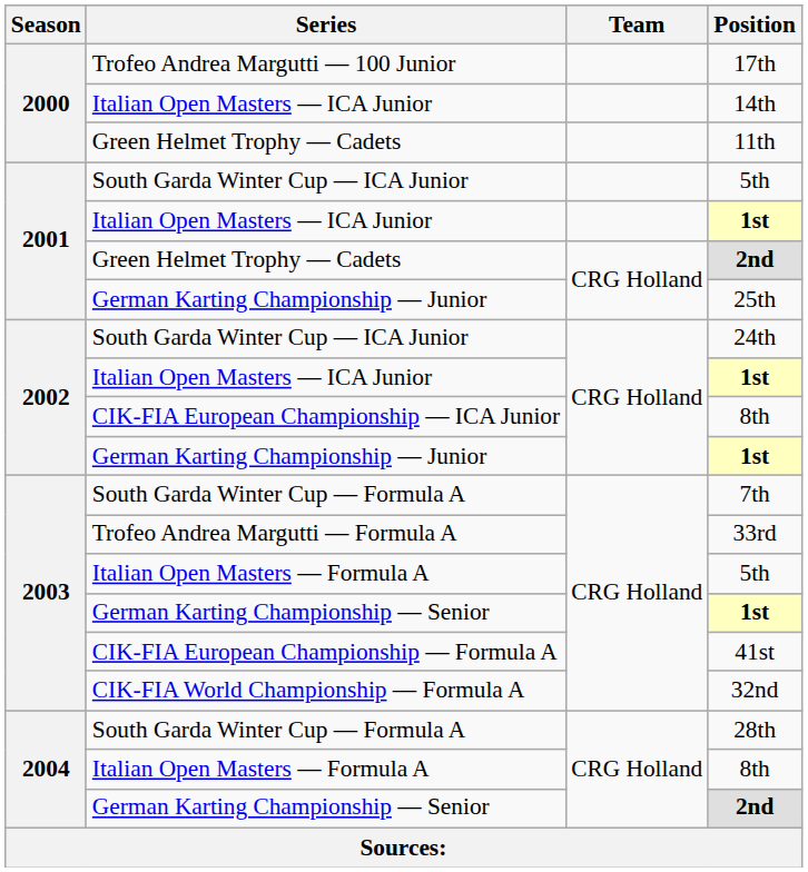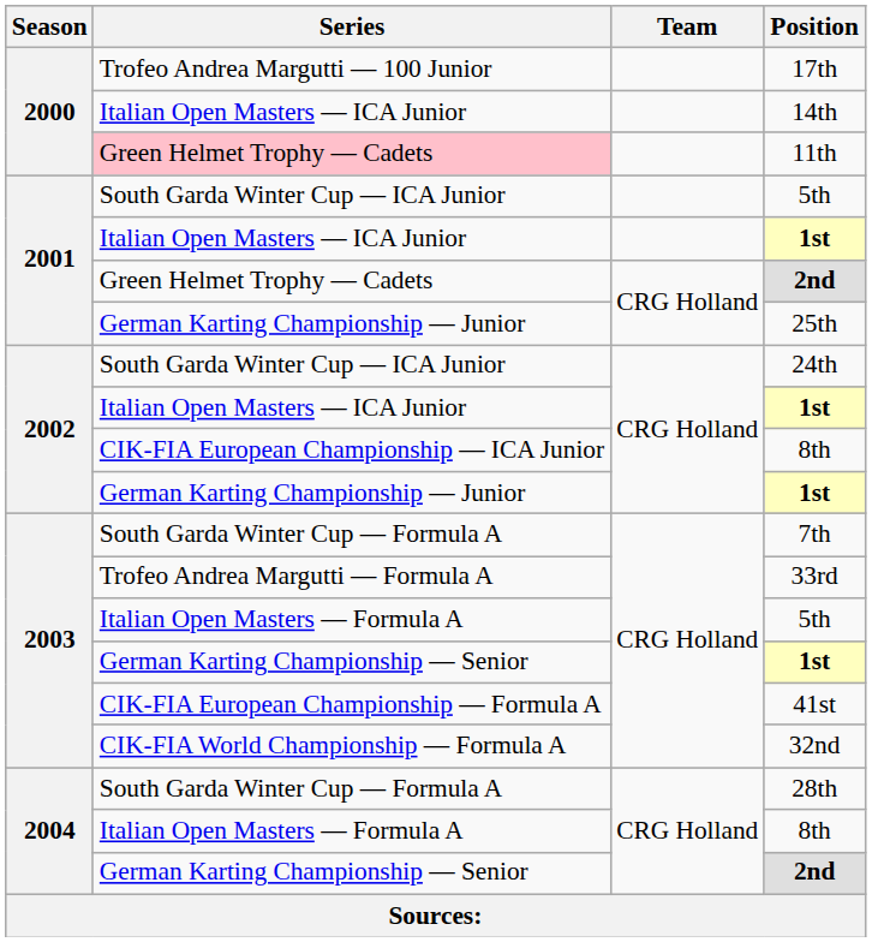 <table class="wikitable" style="font-size: 85%; text-align:center">
 <tr>
 <th>Season</th>
 <th>Series</th>
 <th>Team</th>
 <th>Position</th>
 </tr>
 <tr>
 <th rowspan="3">2000</th>
 <td align="left">Trofeo Andrea Margutti — 100 Junior</td>
 <td align="left"></td>
 <td>17th</td>
 </tr>
 <tr>
 <td align="left"><a href='#'>Italian Open Masters</a> — ICA Junior</td>
 <td align="left"></td>
 <td>14th</td>
 </tr>
 <tr>
-<td align="left">Green Helmet Trophy — Cadets</td>
+<td align="left" style="background: pink;">Green Helmet Trophy — Cadets</td>
 <td align="left"></td>
 <td>11th</td>
 </tr>
 <tr>
 <th rowspan="4">2001</th>
 <td align="left">South Garda Winter Cup — ICA Junior</td>
 <td align="left"></td>
 <td>5th</td>
 </tr>
 <tr>
 <td align="left"><a href='#'>Italian Open Masters</a> — ICA Junior</td>
 <td align="left"></td>
 <td style="background:#FFFFBF;"><strong>1st</strong></td>
 </tr>
 <tr>
 <td align="left">Green Helmet Trophy — Cadets</td>
 <td rowspan="2" align="left">CRG Holland</td>
 <td style="background:#DFDFDF;"><strong>2nd</strong></td>
 </tr>
 <tr>
 <td align="left"><a href='#'>German Karting Championship</a> — Junior</td>
 <td>25th</td>
 </tr>
 <tr>
 <th rowspan="4">2002</th>
 <td align="left">South Garda Winter Cup — ICA Junior</td>
 <td rowspan="4" align="left">CRG Holland</td>
 <td>24th</td>
 </tr>
 <tr>
 <td align="left"><a href='#'>Italian Open Masters</a> — ICA Junior</td>
 <td style="background:#FFFFBF;"><strong>1st</strong></td>
 </tr>
 <tr>
 <td align="left"><a href='#'>CIK-FIA European Championship</a> — ICA Junior</td>
 <td>8th</td>
 </tr>
 <tr>
 <td align="left"><a href='#'>German Karting Championship</a> — Junior</td>
 <td style="background:#FFFFBF;"><strong>1st</strong></td>
 </tr>
 <tr>
 <th rowspan="6">2003</th>
 <td align="left">South Garda Winter Cup — Formula A</td>
 <td rowspan="6"  align="left">CRG Holland</td>
 <td>7th</td>
 </tr>
 <tr>
 <td align="left">Trofeo Andrea Margutti — Formula A</td>
 <td>33rd</td>
 </tr>
 <tr>
 <td align="left"><a href='#'>Italian Open Masters</a> — Formula A</td>
 <td>5th</td>
 </tr>
 <tr>
 <td align="left"><a href='#'>German Karting Championship</a> — Senior</td>
 <td style="background:#FFFFBF;"><strong>1st</strong></td>
 </tr>
 <tr>
 <td align="left"><a href='#'>CIK-FIA European Championship</a> — Formula A</td>
 <td>41st</td>
 </tr>
 <tr>
 <td align="left"><a href='#'>CIK-FIA World Championship</a> — Formula A</td>
 <td>32nd</td>
 </tr>
 <tr>
 <th rowspan="3">2004</th>
 <td align="left">South Garda Winter Cup — Formula A</td>
 <td rowspan="3" align="left">CRG Holland</td>
 <td>28th</td>
 </tr>
 <tr>
 <td align="left"><a href='#'>Italian Open Masters</a> — Formula A</td>
 <td>8th</td>
 </tr>
 <tr>
 <td align="left"><a href='#'>German Karting Championship</a> — Senior</td>
 <td style="background:#DFDFDF;"><strong>2nd</strong></td>
 </tr>
 <tr>
 <th colspan="4">Sources:</th>
 </tr>
 </table>
